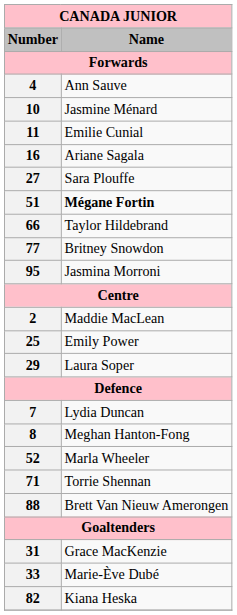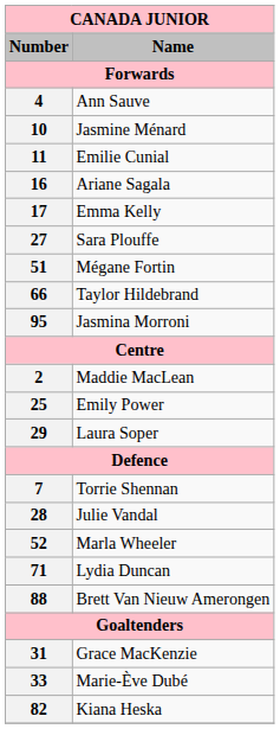 <table class="wikitable" style="text-align:left; font-size:90%;">
 <tr>
 <th style=background:pink colspan=2>CANADA JUNIOR</th>
 </tr>
 <tr>
 <th width=10 style="background:silver;">Number</th>
 <th style="background:silver;">Name</th>
 </tr>
 <tr>
 <th style=background:pink colspan=2>Forwards</th>
 </tr>
 <tr>
 <th>4</th>
 <td>Ann Sauve</td>
 </tr>
 <tr>
 <th>10</th>
 <td>Jasmine Ménard</td>
 </tr>
 <tr>
 <th>11</th>
 <td>Emilie Cunial</td>
 </tr>
 <tr>
 <th>16</th>
 <td>Ariane Sagala</td>
 </tr>
 <tr>
+<th>17</th>
+<td>Emma Kelly</td>
+</tr>
+<tr>
 <th>27</th>
 <td>Sara Plouffe</td>
 </tr>
 <tr>
 <th>51</th>
-<td><strong>Mégane Fortin</strong></td>
+<td>Mégane Fortin</td>
 </tr>
 <tr>
 <th>66</th>
 <td>Taylor Hildebrand</td>
-</tr>
-<tr>
-<th>77</th>
-<td>Britney Snowdon</td>
 </tr>
 <tr>
 <th>95</th>
 <td>Jasmina Morroni</td>
 </tr>
 <tr>
 <th style=background:pink colspan=2>Centre</th>
 </tr>
 <tr>
 <th>2</th>
 <td>Maddie MacLean</td>
 </tr>
 <tr>
 <th>25</th>
 <td>Emily Power</td>
 </tr>
 <tr>
 <th>29</th>
 <td>Laura Soper</td>
 </tr>
 <tr>
 <th style=background:pink colspan=2>Defence</th>
 </tr>
 <tr>
 <th>7</th>
-<td>Lydia Duncan</td>
+<td>Torrie Shennan</td>
 </tr>
 <tr>
-<th>8</th>
-<td>Meghan Hanton-Fong</td>
+<th>28</th>
+<td>Julie Vandal</td>
 </tr>
 <tr>
 <th>52</th>
 <td>Marla Wheeler</td>
 </tr>
 <tr>
 <th>71</th>
-<td>Torrie Shennan</td>
+<td>Lydia Duncan</td>
 </tr>
 <tr>
 <th>88</th>
 <td>Brett Van Nieuw Amerongen</td>
 </tr>
 <tr>
 <th style=background:pink colspan=2>Goaltenders</th>
 </tr>
 <tr>
 <th>31</th>
 <td>Grace MacKenzie</td>
 </tr>
 <tr>
 <th>33</th>
 <td>Marie-Ève Dubé</td>
 </tr>
 <tr>
 <th>82</th>
 <td>Kiana Heska</td>
 </tr>
 <tr>
 </tr>
 </table>
